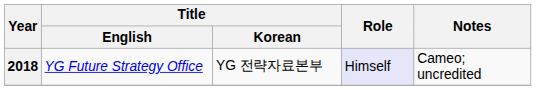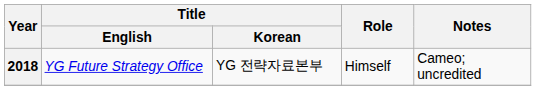 <table class="wikitable sortable plainrowheaders">
 <tr>
 <th scope="col" rowspan="2">Year</th>
 <th scope="col" colspan="2">Title</th>
 <th scope="col" rowspan="2" style="width:4.8em;">Role</th>
 <th scope="col" rowspan="2" style="width:8em;">Notes</th>
 </tr>
 <tr>
 <th scope="col" style="width:12em;">English</th>
 <th scope="col" style="width:8.9em;">Korean</th>
 </tr>
 <tr>
 <th scope="row">2018</th>
 <td><em><a href='#'>YG Future Strategy Office</a></em></td>
 <td>YG 전략자료본부</td>
-<td style="background: lavender;">Himself</td>
+<td>Himself</td>
 <td>Cameo; uncredited</td>
 </tr>
 <tr>
 </tr>
 </table>
